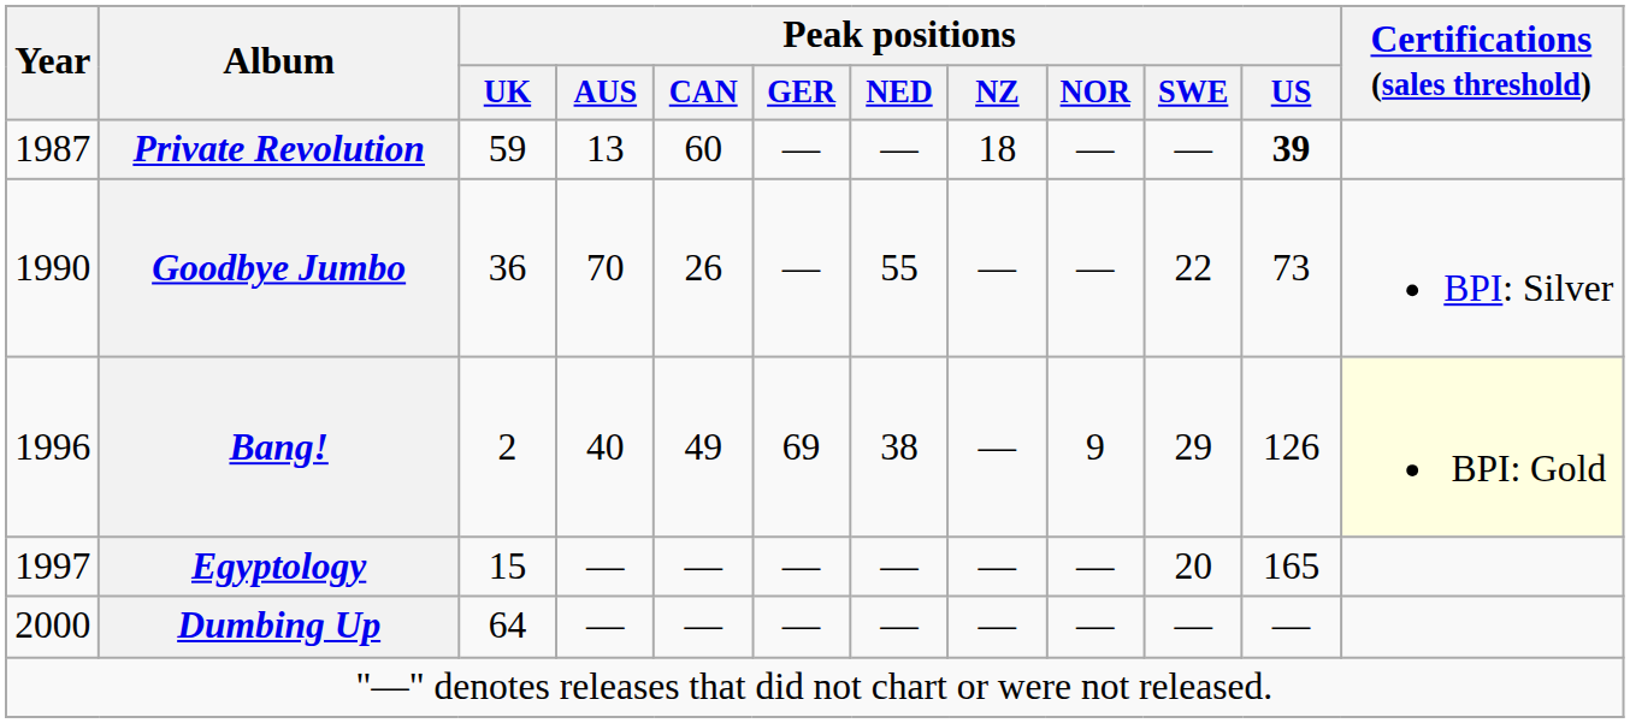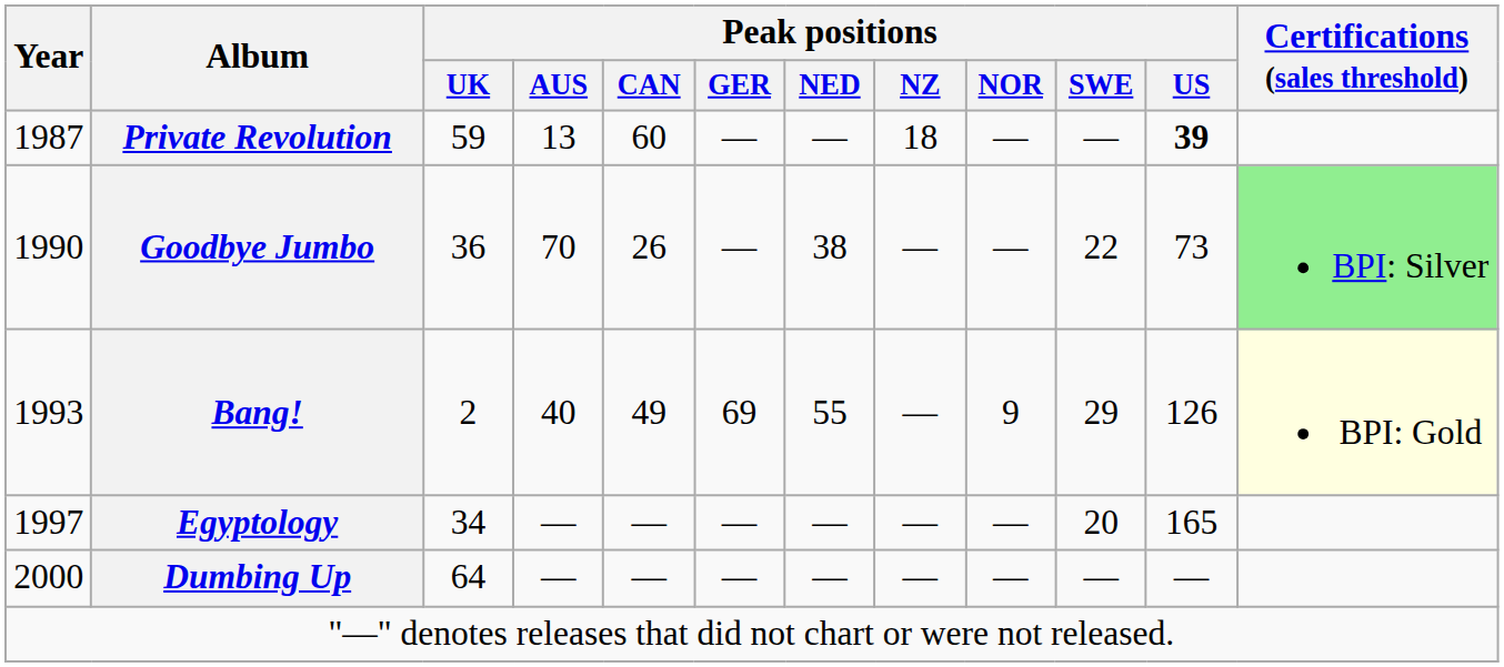 <table class="wikitable plainrowheaders" style="text-align:center;">
 <tr>
 <th rowspan="2">Year</th>
 <th rowspan="2" style="width:9em;">Album</th>
 <th colspan="9">Peak positions</th>
 <th rowspan="2"><a href='#'>Certifications</a><br><small>(<a href='#'>sales threshold</a>)</small></th>
 </tr>
 <tr style="font-size:smaller;">
 <th style="width:35px;"><a href='#'>UK</a><br></th>
 <th style="width:35px;"><a href='#'>AUS</a><br></th>
 <th style="width:35px;"><a href='#'>CAN</a><br></th>
 <th style="width:35px;"><a href='#'>GER</a><br></th>
 <th style="width:35px;"><a href='#'>NED</a><br></th>
 <th style="width:35px;"><a href='#'>NZ</a><br></th>
 <th style="width:35px;"><a href='#'>NOR</a><br></th>
 <th style="width:35px;"><a href='#'>SWE</a><br></th>
 <th style="width:35px;"><a href='#'>US</a><br></th>
 </tr>
 <tr>
 <td>1987</td>
 <th scope="row"><em><a href='#'>Private Revolution</a></em></th>
 <td>59</td>
 <td>13</td>
 <td>60</td>
 <td>—</td>
 <td>—</td>
 <td>18</td>
 <td>—</td>
 <td>—</td>
 <td><strong>39</strong></td>
 <td></td>
 </tr>
 <tr>
 <td>1990</td>
 <th scope="row"><em><a href='#'>Goodbye Jumbo</a></em></th>
 <td>36</td>
 <td>70</td>
 <td>26</td>
 <td>—</td>
-<td>55</td>
+<td>38</td>
 <td>—</td>
 <td>—</td>
 <td>22</td>
 <td>73</td>
-<td><br><ul><li><a href='#'>BPI</a>: Silver</li></ul></td>
+<td style="background: lightgreen;"><br><ul><li><a href='#'>BPI</a>: Silver</li></ul></td>
 </tr>
 <tr>
-<td>1996</td>
+<td>1993</td>
 <th scope="row"><em><a href='#'>Bang!</a></em></th>
 <td>2</td>
 <td>40</td>
 <td>49</td>
 <td>69</td>
-<td>38</td>
+<td>55</td>
 <td>—</td>
 <td>9</td>
 <td>29</td>
 <td>126</td>
 <td style="background: lightyellow;"><br><ul><li>BPI: Gold</li></ul></td>
 </tr>
 <tr>
 <td>1997</td>
 <th scope="row"><em><a href='#'>Egyptology</a></em></th>
-<td>15</td>
+<td>34</td>
 <td>—</td>
 <td>—</td>
 <td>—</td>
 <td>—</td>
 <td>—</td>
 <td>—</td>
 <td>20</td>
 <td>165</td>
 <td></td>
 </tr>
 <tr>
 <td>2000</td>
 <th scope="row"><em><a href='#'>Dumbing Up</a></em></th>
 <td>64</td>
 <td>—</td>
 <td>—</td>
 <td>—</td>
 <td>—</td>
 <td>—</td>
 <td>—</td>
 <td>—</td>
 <td>—</td>
 <td></td>
 </tr>
 <tr>
 <td colspan="18" style="text-align:center">"—" denotes releases that did not chart or were not released.</td>
 </tr>
 </table>
